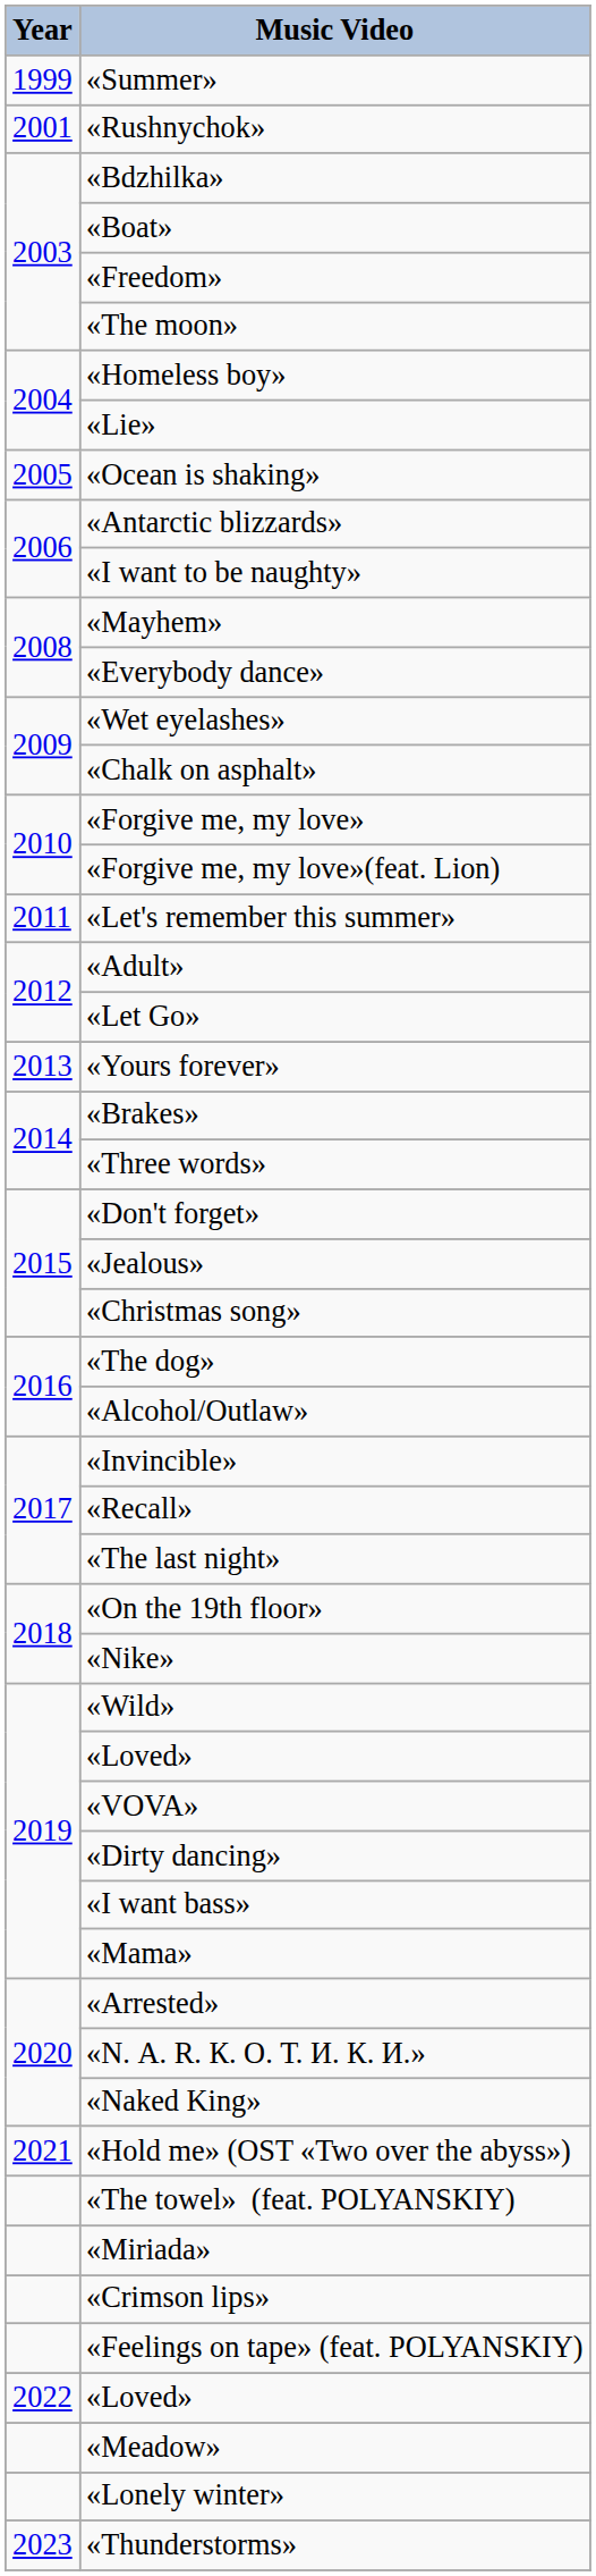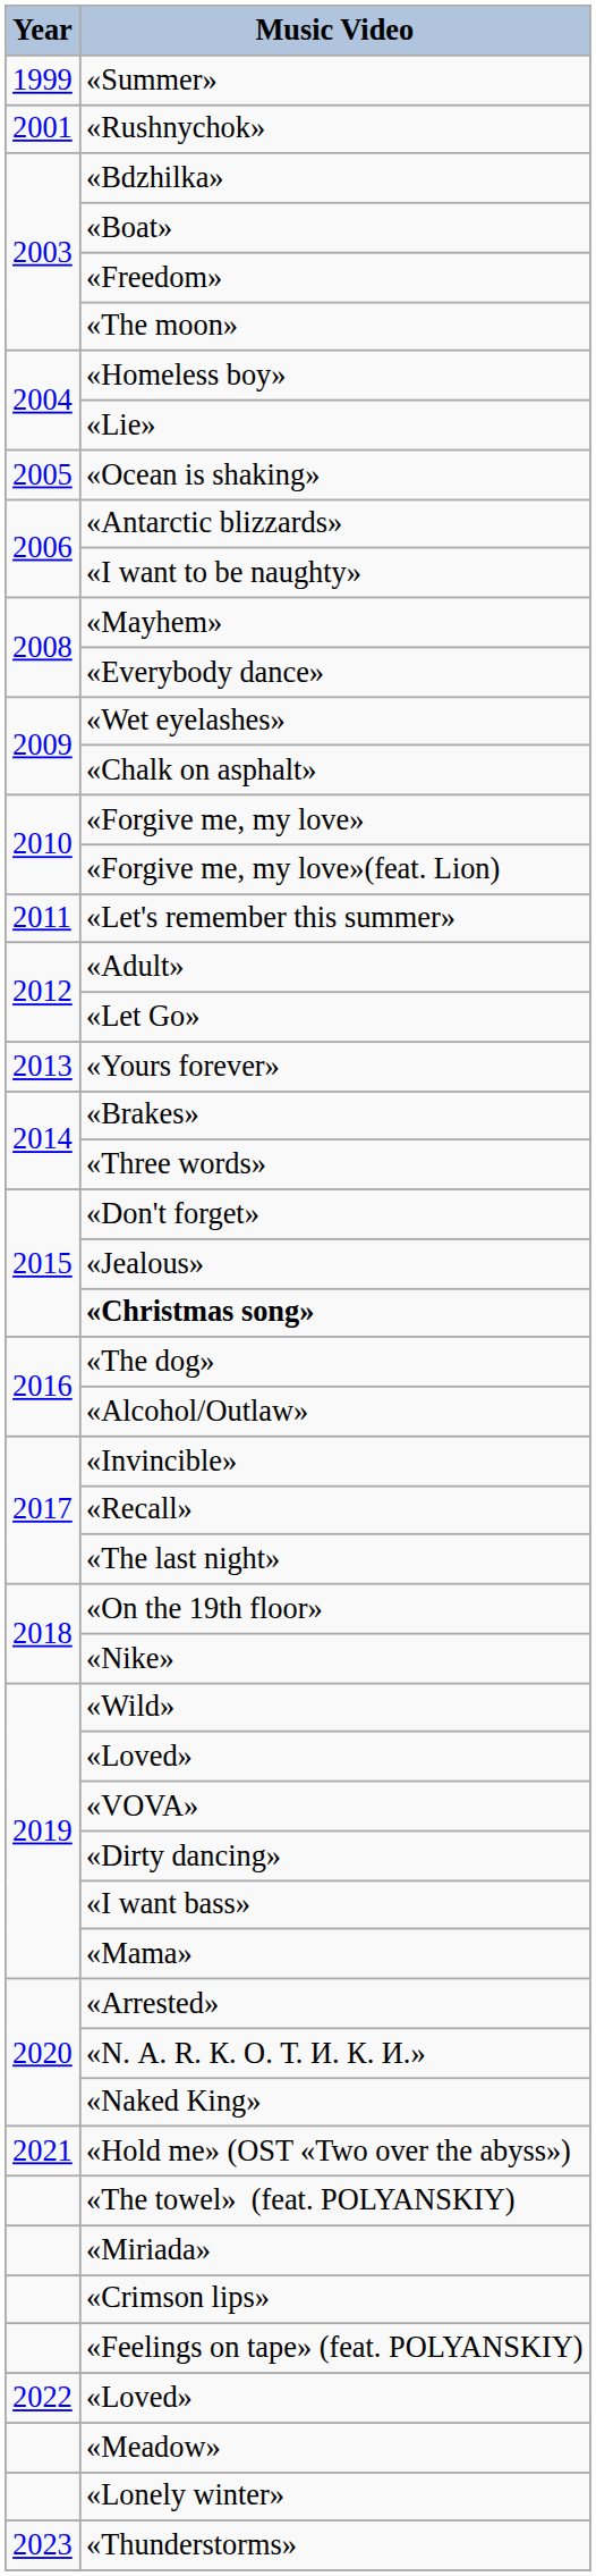 <table class="wikitable" style="font-size: 90%;">
 <tr>
 <th style="background:#B0C4DE;">Year</th>
 <th style="background:#B0C4DE;">Music Video</th>
 </tr>
 <tr>
 <td><a href='#'>1999</a></td>
 <td>«Summer»</td>
 </tr>
 <tr>
 <td><a href='#'>2001</a></td>
 <td>«Rushnychok»</td>
 </tr>
 <tr>
 <td rowspan="4"><a href='#'>2003</a></td>
 <td>«Bdzhilka»</td>
 </tr>
 <tr>
 <td>«Boat»</td>
 </tr>
 <tr>
 <td>«Freedom»</td>
 </tr>
 <tr>
 <td>«The moon»</td>
 </tr>
 <tr>
 <td rowspan="2"><a href='#'>2004</a></td>
 <td>«Homeless boy»</td>
 </tr>
 <tr>
 <td>«Lie»</td>
 </tr>
 <tr>
 <td rowspan="1"><a href='#'>2005</a></td>
 <td>«Ocean is shaking»</td>
 </tr>
 <tr>
 <td rowspan="2"><a href='#'>2006</a></td>
 <td>«Antarctic blizzards»</td>
 </tr>
 <tr>
 <td>«I want to be naughty»</td>
 </tr>
 <tr>
 <td rowspan="2"><a href='#'>2008</a></td>
 <td>«Mayhem»</td>
 </tr>
 <tr>
 <td>«Everybody dance»</td>
 </tr>
 <tr>
 <td rowspan="2"><a href='#'>2009</a></td>
 <td>«Wet eyelashes»</td>
 </tr>
 <tr>
 <td>«Chalk on asphalt»</td>
 </tr>
 <tr>
 <td rowspan="2"><a href='#'>2010</a></td>
 <td>«Forgive me, my love»</td>
 </tr>
 <tr>
 <td>«Forgive me, my love»(feat. Lion)</td>
 </tr>
 <tr>
 <td rowspan="1"><a href='#'>2011</a></td>
 <td>«Let's remember this summer»</td>
 </tr>
 <tr>
 <td rowspan="2"><a href='#'>2012</a></td>
 <td>«Adult»</td>
 </tr>
 <tr>
 <td>«Let Go»</td>
 </tr>
 <tr>
 <td rowspan="1"><a href='#'>2013</a></td>
 <td>«Yours forever»</td>
 </tr>
 <tr>
 <td rowspan="2"><a href='#'>2014</a></td>
 <td>«Brakes»</td>
 </tr>
 <tr>
 <td>«Three words»</td>
 </tr>
 <tr>
 <td rowspan="3"><a href='#'>2015</a></td>
 <td>«Don't forget»</td>
 </tr>
 <tr>
 <td>«Jealous»</td>
 </tr>
 <tr>
-<td>«Christmas song»</td>
+<td><strong>«Christmas song»</strong></td>
 </tr>
 <tr>
 <td rowspan="2"><a href='#'>2016</a></td>
 <td>«The dog»</td>
 </tr>
 <tr>
 <td>«Alcohol/Outlaw»</td>
 </tr>
 <tr>
 <td rowspan="3"><a href='#'>2017</a></td>
 <td>«Invincible»</td>
 </tr>
 <tr>
 <td>«Recall»</td>
 </tr>
 <tr>
 <td>«The last night»</td>
 </tr>
 <tr>
 <td rowspan="2"><a href='#'>2018</a></td>
 <td>«On the 19th floor»</td>
 </tr>
 <tr>
 <td>«Nike»</td>
 </tr>
 <tr>
 <td rowspan="6"><a href='#'>2019</a></td>
 <td>«Wild»</td>
 </tr>
 <tr>
 <td>«Loved»</td>
 </tr>
 <tr>
 <td>«VOVA»</td>
 </tr>
 <tr>
 <td>«Dirty dancing»</td>
 </tr>
 <tr>
 <td>«I want bass»</td>
 </tr>
 <tr>
 <td>«Mama»</td>
 </tr>
 <tr>
 <td rowspan="3"><a href='#'>2020</a></td>
 <td>«Arrested»</td>
 </tr>
 <tr>
 <td>«N. А. R. К. О. Т. И. К. И.»</td>
 </tr>
 <tr>
 <td>«Naked King»</td>
 </tr>
 <tr>
 <td rowspan="1"><a href='#'>2021</a></td>
 <td>«Hold me» (OST «Two over the abyss»)</td>
 </tr>
 <tr>
 <td></td>
 <td>«The towel»  (feat. POLYANSKIY)</td>
 </tr>
 <tr>
 <td></td>
 <td>«Miriada»</td>
 </tr>
 <tr>
 <td></td>
 <td>«Crimson lips»</td>
 </tr>
 <tr>
 <td></td>
 <td>«Feelings on tape» (feat. POLYANSKIY)</td>
 </tr>
 <tr>
 <td rowspan="1"><a href='#'>2022</a></td>
 <td>«Loved»</td>
 </tr>
 <tr>
 <td></td>
 <td>«Meadow»</td>
 </tr>
 <tr>
 <td></td>
 <td>«Lonely winter»</td>
 </tr>
 <tr>
 <td rowspan="1"><a href='#'>2023</a></td>
 <td>«Thunderstorms»</td>
 </tr>
 </table>
